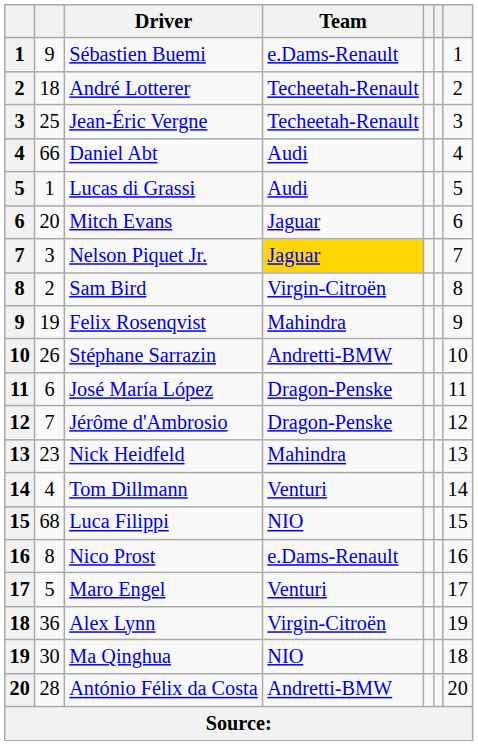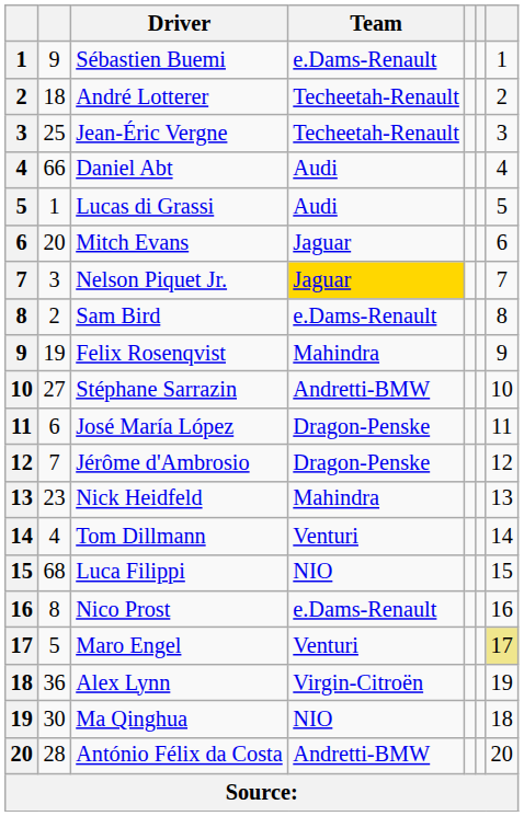 <table class="wikitable sortable" style="font-size: 85%">
 <tr>
 <th scope="col"></th>
 <th scope="col"></th>
 <th scope="col">Driver</th>
 <th scope="col">Team</th>
 <th scope="col"></th>
 <th scope="col"></th>
 <th scope="col"></th>
 </tr>
 <tr>
 <th scope="row">1</th>
 <td align="center">9</td>
 <td data-sort-value="BUE"> <a href='#'>Sébastien Buemi</a></td>
 <td><a href='#'>e.Dams-Renault</a></td>
 <td></td>
 <td></td>
 <td align="center">1</td>
 </tr>
 <tr>
 <th scope="row">2</th>
 <td align="center">18</td>
 <td data-sort-value="LOT"> <a href='#'>André Lotterer</a></td>
 <td><a href='#'>Techeetah-Renault</a></td>
 <td></td>
 <td></td>
 <td align="center">2</td>
 </tr>
 <tr>
 <th scope="row">3</th>
 <td align="center">25</td>
 <td data-sort-value="VER"> <a href='#'>Jean-Éric Vergne</a></td>
 <td><a href='#'>Techeetah-Renault</a></td>
 <td></td>
 <td></td>
 <td align="center">3</td>
 </tr>
 <tr>
 <th scope="row">4</th>
 <td align="center">66</td>
 <td data-sort-value="ABT"> <a href='#'>Daniel Abt</a></td>
 <td><a href='#'>Audi</a></td>
 <td></td>
 <td></td>
 <td align="center">4</td>
 </tr>
 <tr>
 <th scope="row">5</th>
 <td align="center">1</td>
 <td> <a href='#'>Lucas di Grassi</a></td>
 <td><a href='#'>Audi</a></td>
 <td></td>
 <td></td>
 <td align="center">5</td>
 </tr>
 <tr>
 <th scope="row">6</th>
 <td align="center">20</td>
 <td data-sort-value="EVA"> <a href='#'>Mitch Evans</a></td>
 <td><a href='#'>Jaguar</a></td>
 <td></td>
 <td></td>
 <td align="center">6</td>
 </tr>
 <tr>
 <th scope="row">7</th>
 <td align="center">3</td>
 <td data-sort-value="PIQ"> <a href='#'>Nelson Piquet Jr.</a></td>
 <td style="background: gold;"><a href='#'>Jaguar</a></td>
 <td></td>
 <td></td>
 <td align="center">7</td>
 </tr>
 <tr>
 <th scope="row">8</th>
 <td align="center">2</td>
 <td data-sort-value="BIR"> <a href='#'>Sam Bird</a></td>
-<td><a href='#'>Virgin-Citroën</a></td>
+<td><a href='#'>e.Dams-Renault</a></td>
 <td></td>
 <td></td>
 <td align="center">8</td>
 </tr>
 <tr>
 <th scope="row">9</th>
 <td align="center">19</td>
 <td data-sort-value="ROS"> <a href='#'>Felix Rosenqvist</a></td>
 <td><a href='#'>Mahindra</a></td>
 <td></td>
 <td></td>
 <td align="center">9</td>
 </tr>
 <tr>
 <th scope="row">10</th>
-<td align="center">26</td>
+<td align="center">27</td>
 <td data-sort-value="SAR"> <a href='#'>Stéphane Sarrazin</a></td>
 <td><a href='#'>Andretti-BMW</a></td>
 <td></td>
 <td></td>
 <td align="center">10</td>
 </tr>
 <tr>
 <th scope="row">11</th>
 <td align="center">6</td>
 <td data-sort-value="LOP"> <a href='#'>José María López</a></td>
 <td><a href='#'>Dragon-Penske</a></td>
 <td></td>
 <td></td>
 <td align="center">11</td>
 </tr>
 <tr>
 <th scope="row">12</th>
 <td align="center">7</td>
 <td data-sort-value="DAM"> <a href='#'>Jérôme d'Ambrosio</a></td>
 <td><a href='#'>Dragon-Penske</a></td>
 <td></td>
 <td></td>
 <td align="center">12</td>
 </tr>
 <tr>
 <th scope="row">13</th>
 <td align="center">23</td>
 <td data-sort-value="HEI"> <a href='#'>Nick Heidfeld</a></td>
 <td><a href='#'>Mahindra</a></td>
 <td></td>
 <td></td>
 <td align="center">13</td>
 </tr>
 <tr>
 <th scope="row">14</th>
 <td align="center">4</td>
 <td data-sort-value="DIL"> <a href='#'>Tom Dillmann</a></td>
 <td><a href='#'>Venturi</a></td>
 <td></td>
 <td></td>
 <td align="center">14</td>
 </tr>
 <tr>
 <th scope="row">15</th>
 <td align="center">68</td>
 <td data-sort-value="FIL"> <a href='#'>Luca Filippi</a></td>
 <td><a href='#'>NIO</a></td>
 <td></td>
 <td></td>
 <td align="center">15</td>
 </tr>
 <tr>
 <th scope="row">16</th>
 <td align="center">8</td>
 <td data-sort-value="PRO"> <a href='#'>Nico Prost</a></td>
 <td><a href='#'>e.Dams-Renault</a></td>
 <td></td>
 <td></td>
 <td align="center">16</td>
 </tr>
 <tr>
 <th scope="row">17</th>
 <td align="center">5</td>
 <td data-sort-value="ENG"> <a href='#'>Maro Engel</a></td>
 <td><a href='#'>Venturi</a></td>
 <td></td>
 <td></td>
-<td align="center">17</td>
+<td align="center" style="background: khaki;">17</td>
 </tr>
 <tr>
 <th scope="row">18</th>
 <td align="center">36</td>
 <td data-sort-value="LYN"> <a href='#'>Alex Lynn</a></td>
 <td><a href='#'>Virgin-Citroën</a></td>
 <td></td>
 <td></td>
 <td align="center">19</td>
 </tr>
 <tr>
 <th scope="row">19</th>
 <td align="center">30</td>
 <td data-sort-value="MA"> <a href='#'>Ma Qinghua</a></td>
 <td><a href='#'>NIO</a></td>
 <td></td>
 <td></td>
 <td align="center">18</td>
 </tr>
 <tr>
 <th scope="row">20</th>
 <td align="center">28</td>
 <td data-sort-value="FDC"> <a href='#'>António Félix da Costa</a></td>
 <td><a href='#'>Andretti-BMW</a></td>
 <td></td>
 <td></td>
 <td align="center">20</td>
 </tr>
 <tr>
 <th colspan="7">Source:</th>
 </tr>
 <tr>
 </tr>
 </table>
